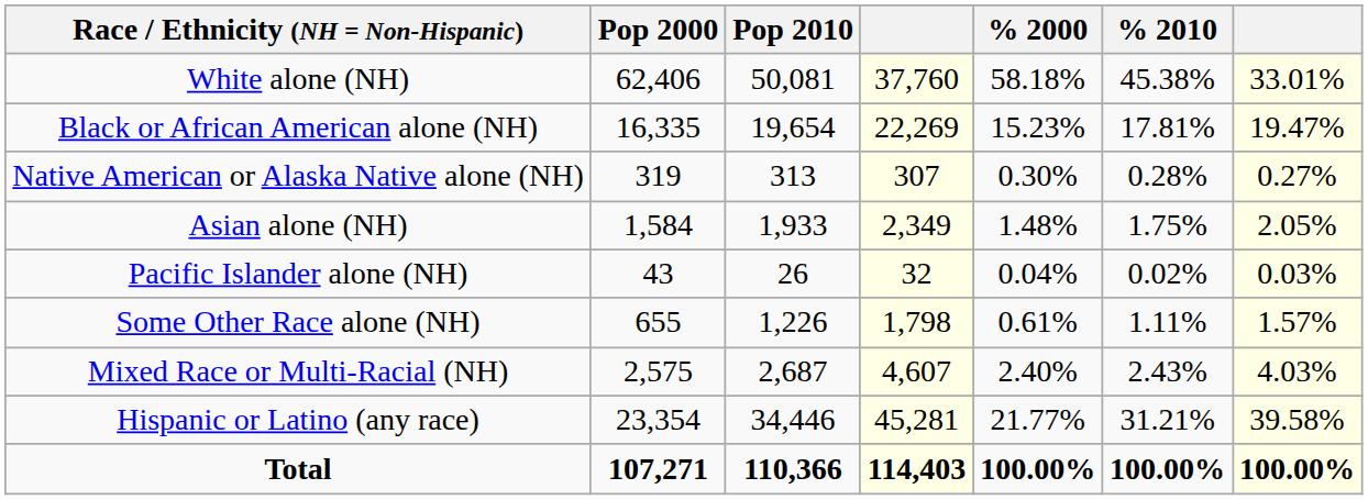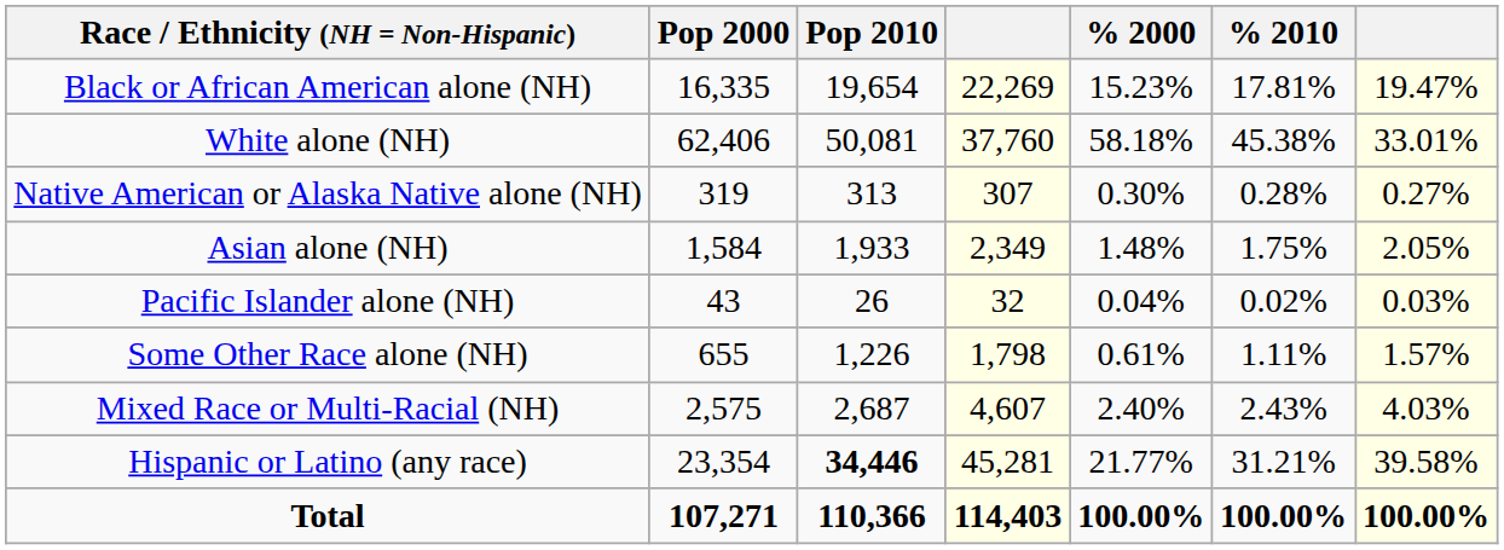 <table class="wikitable" style="text-align:center;">
 <tr>
 <th>Race / Ethnicity <small>(<em>NH = Non-Hispanic</em>)</small></th>
 <th>Pop 2000</th>
 <th>Pop 2010</th>
 <th></th>
 <th>% 2000</th>
 <th>% 2010</th>
 <th></th>
 </tr>
 <tr>
+<td><a href='#'>Black or African American</a> alone (NH)</td>
+<td>16,335</td>
+<td>19,654</td>
+<td style='background: #ffffe6;'>22,269</td>
+<td>15.23%</td>
+<td>17.81%</td>
+<td style='background: #ffffe6;'>19.47%</td>
+</tr>
+<tr>
 <td><a href='#'>White</a> alone (NH)</td>
 <td>62,406</td>
 <td>50,081</td>
 <td style='background: #ffffe6;'>37,760</td>
 <td>58.18%</td>
 <td>45.38%</td>
 <td style='background: #ffffe6;'>33.01%</td>
-</tr>
-<tr>
-<td><a href='#'>Black or African American</a> alone (NH)</td>
-<td>16,335</td>
-<td>19,654</td>
-<td style='background: #ffffe6;'>22,269</td>
-<td>15.23%</td>
-<td>17.81%</td>
-<td style='background: #ffffe6;'>19.47%</td>
 </tr>
 <tr>
 <td><a href='#'>Native American</a> or <a href='#'>Alaska Native</a> alone (NH)</td>
 <td>319</td>
 <td>313</td>
 <td style='background: #ffffe6;'>307</td>
 <td>0.30%</td>
 <td>0.28%</td>
 <td style='background: #ffffe6;'>0.27%</td>
 </tr>
 <tr>
 <td><a href='#'>Asian</a> alone (NH)</td>
 <td>1,584</td>
 <td>1,933</td>
 <td style='background: #ffffe6;'>2,349</td>
 <td>1.48%</td>
 <td>1.75%</td>
 <td style='background: #ffffe6;'>2.05%</td>
 </tr>
 <tr>
 <td><a href='#'>Pacific Islander</a> alone (NH)</td>
 <td>43</td>
 <td>26</td>
 <td style='background: #ffffe6;'>32</td>
 <td>0.04%</td>
 <td>0.02%</td>
 <td style='background: #ffffe6;'>0.03%</td>
 </tr>
 <tr>
 <td><a href='#'>Some Other Race</a> alone (NH)</td>
 <td>655</td>
 <td>1,226</td>
 <td style='background: #ffffe6;'>1,798</td>
 <td>0.61%</td>
 <td>1.11%</td>
 <td style='background: #ffffe6;'>1.57%</td>
 </tr>
 <tr>
 <td><a href='#'>Mixed Race or Multi-Racial</a> (NH)</td>
 <td>2,575</td>
 <td>2,687</td>
 <td style='background: #ffffe6;'>4,607</td>
 <td>2.40%</td>
 <td>2.43%</td>
 <td style='background: #ffffe6;'>4.03%</td>
 </tr>
 <tr>
 <td><a href='#'>Hispanic or Latino</a> (any race)</td>
 <td>23,354</td>
-<td>34,446</td>
+<td><strong>34,446</strong></td>
 <td style='background: #ffffe6;'>45,281</td>
 <td>21.77%</td>
 <td>31.21%</td>
 <td style='background: #ffffe6;'>39.58%</td>
 </tr>
 <tr>
 <td><strong>Total</strong></td>
 <td><strong>107,271</strong></td>
 <td><strong>110,366</strong></td>
 <td style='background: #ffffe6;'><strong>114,403</strong></td>
 <td><strong>100.00%</strong></td>
 <td><strong>100.00%</strong></td>
 <td style='background: #ffffe6;'><strong>100.00%</strong></td>
 </tr>
 </table>
